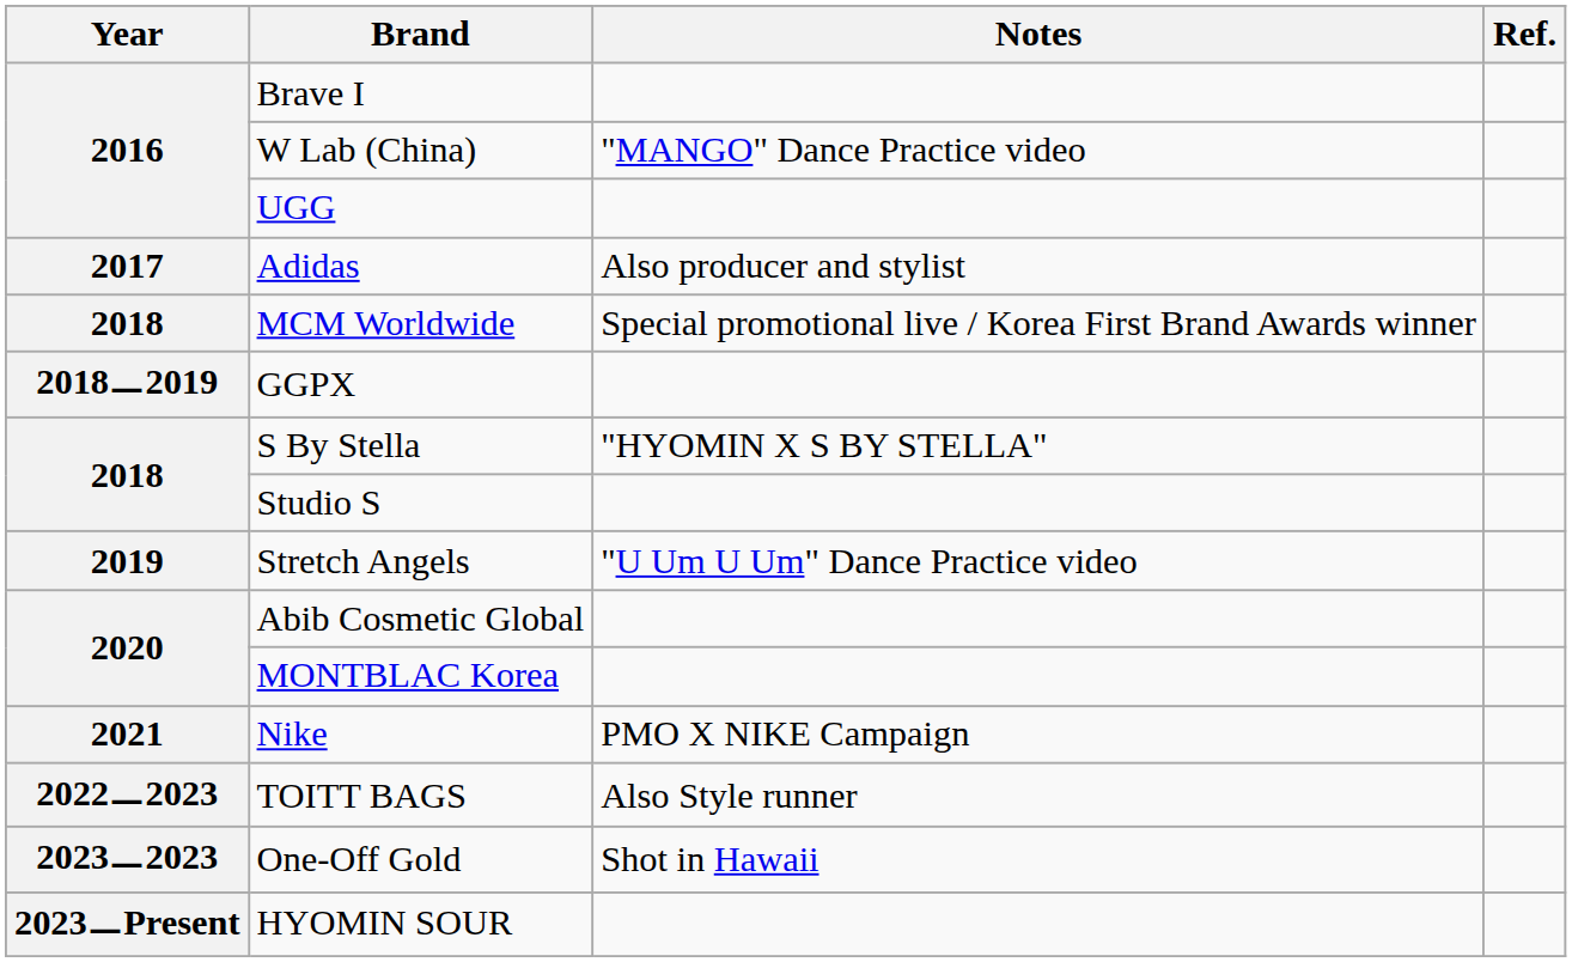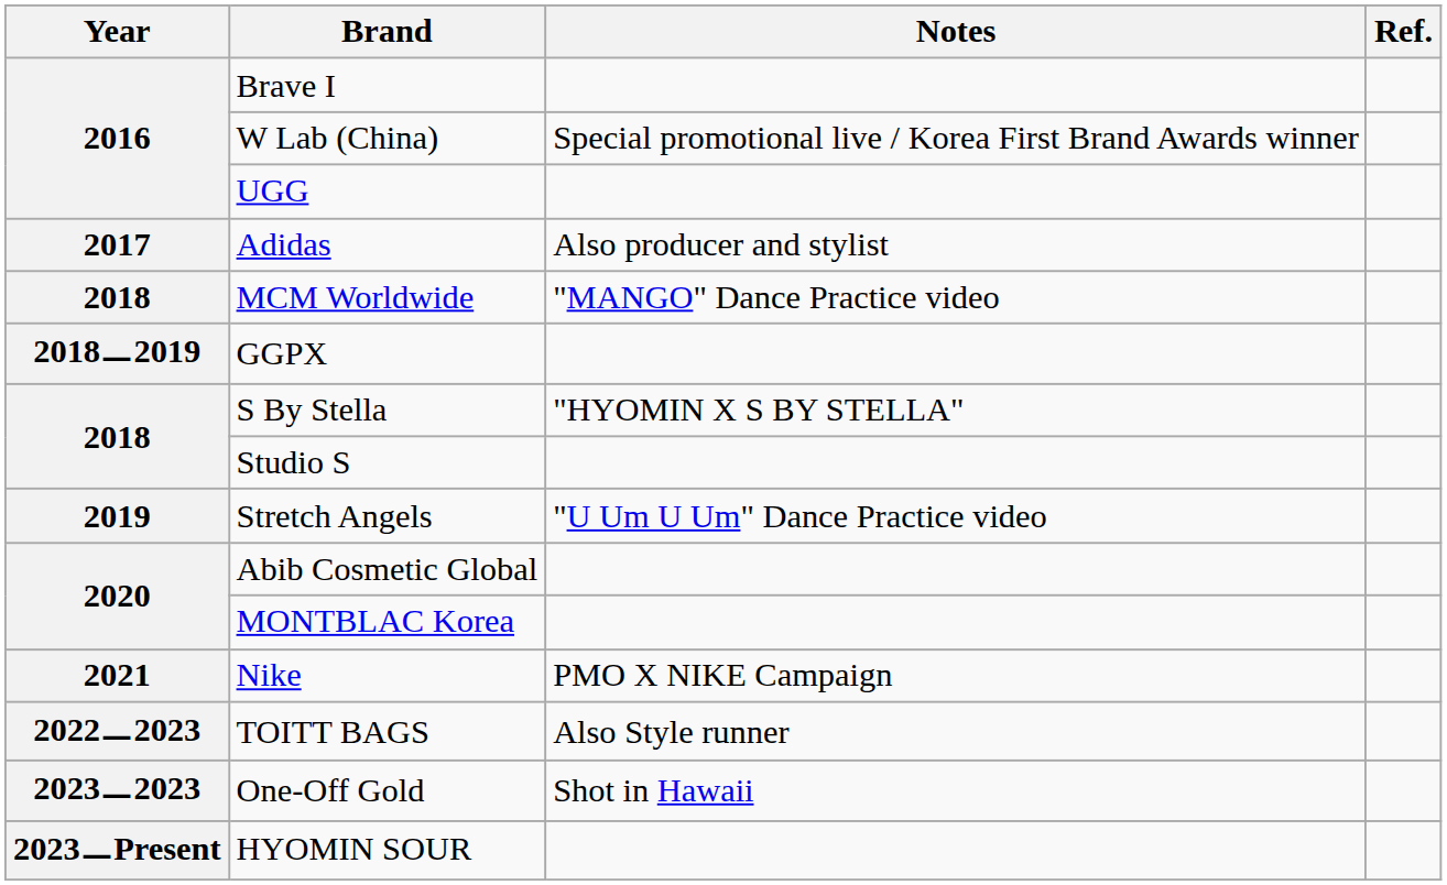 <table class="wikitable sortable plainrowheaders">
 <tr>
 <th>Year</th>
 <th>Brand</th>
 <th>Notes</th>
 <th>Ref.</th>
 </tr>
 <tr>
 <th rowspan="3" ! scope="row">2016</th>
 <td>Brave I</td>
 <td></td>
 <td></td>
 </tr>
 <tr>
 <td>W Lab (China)</td>
-<td>"<a href='#'>MANGO</a>" Dance Practice video</td>
+<td>Special promotional live / Korea First Brand Awards winner</td>
 <td></td>
 </tr>
 <tr>
 <td><a href='#'>UGG</a></td>
 <td></td>
 <td></td>
 </tr>
 <tr>
 <th scope="row" ! scope="row">2017</th>
 <td><a href='#'>Adidas</a></td>
 <td>Also producer and stylist</td>
 <td></td>
 </tr>
 <tr>
 <th scope="row" !>2018</th>
 <td><a href='#'>MCM Worldwide</a></td>
-<td>Special promotional live / Korea First Brand Awards winner</td>
+<td>"<a href='#'>MANGO</a>" Dance Practice video</td>
 <td></td>
 </tr>
 <tr>
 <th scope="row" !>2018ㅡ2019</th>
 <td>GGPX</td>
 <td></td>
 <td></td>
 </tr>
 <tr>
 <th rowspan="2" scope="row" !>2018</th>
 <td>S By Stella</td>
 <td>"HYOMIN X S BY STELLA"</td>
 <td></td>
 </tr>
 <tr>
 <td>Studio S</td>
 <td></td>
 <td></td>
 </tr>
 <tr>
 <th scope="row">2019</th>
 <td>Stretch Angels</td>
 <td>"<a href='#'>U Um U Um</a>" Dance Practice video</td>
 <td></td>
 </tr>
 <tr>
 <th rowspan="2" ! scope="row">2020</th>
 <td>Abib Cosmetic Global</td>
 <td></td>
 <td></td>
 </tr>
 <tr>
 <td><a href='#'>MONTBLAC Korea</a></td>
 <td></td>
 <td></td>
 </tr>
 <tr>
 <th scope="row" ! scope="row">2021</th>
 <td><a href='#'>Nike</a></td>
 <td>PMO X NIKE Campaign</td>
 <td></td>
 </tr>
 <tr>
 <th scope="row">2022ㅡ2023</th>
 <td>TOITT BAGS</td>
 <td>Also Style runner</td>
 <td></td>
 </tr>
 <tr>
 <th scope="row">2023ㅡ2023</th>
 <td>One-Off Gold</td>
 <td>Shot in <a href='#'>Hawaii</a></td>
 <td></td>
 </tr>
 <tr>
 <th scope="row">2023ㅡPresent</th>
 <td>HYOMIN SOUR</td>
 <td></td>
 <td></td>
 </tr>
 </table>
